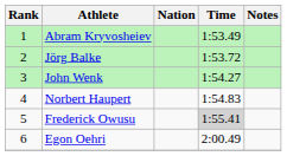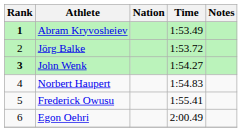 <table class="wikitable sortable" style="text-align:center">
 <tr>
 <th>Rank</th>
 <th>Athlete</th>
 <th>Nation</th>
 <th>Time</th>
 <th>Notes</th>
 </tr>
 <tr bgcolor=bbf3bb>
-<td>1</td>
+<td><strong>1</strong></td>
 <td align=left><a href='#'>Abram Kryvosheiev</a></td>
 <td align=left></td>
 <td>1:53.49</td>
 <td></td>
 </tr>
 <tr bgcolor=bbf3bb>
 <td>2</td>
 <td align=left><a href='#'>Jörg Balke</a></td>
 <td align=left></td>
 <td>1:53.72</td>
 <td></td>
 </tr>
 <tr bgcolor=bbf3bb>
-<td>3</td>
+<td><strong>3</strong></td>
 <td align=left><a href='#'>John Wenk</a></td>
 <td align=left></td>
 <td>1:54.27</td>
 <td></td>
 </tr>
 <tr>
 <td>4</td>
 <td align=left><a href='#'>Norbert Haupert</a></td>
 <td align=left></td>
 <td>1:54.83</td>
 <td></td>
 </tr>
 <tr>
 <td>5</td>
 <td align=left><a href='#'>Frederick Owusu</a></td>
 <td align=left></td>
-<td style="background: lightgrey;">1:55.41</td>
+<td>1:55.41</td>
 <td></td>
 </tr>
 <tr>
 <td>6</td>
 <td align=left><a href='#'>Egon Oehri</a></td>
 <td align=left></td>
 <td>2:00.49</td>
 <td></td>
 </tr>
 <tr>
 </tr>
 </table>
